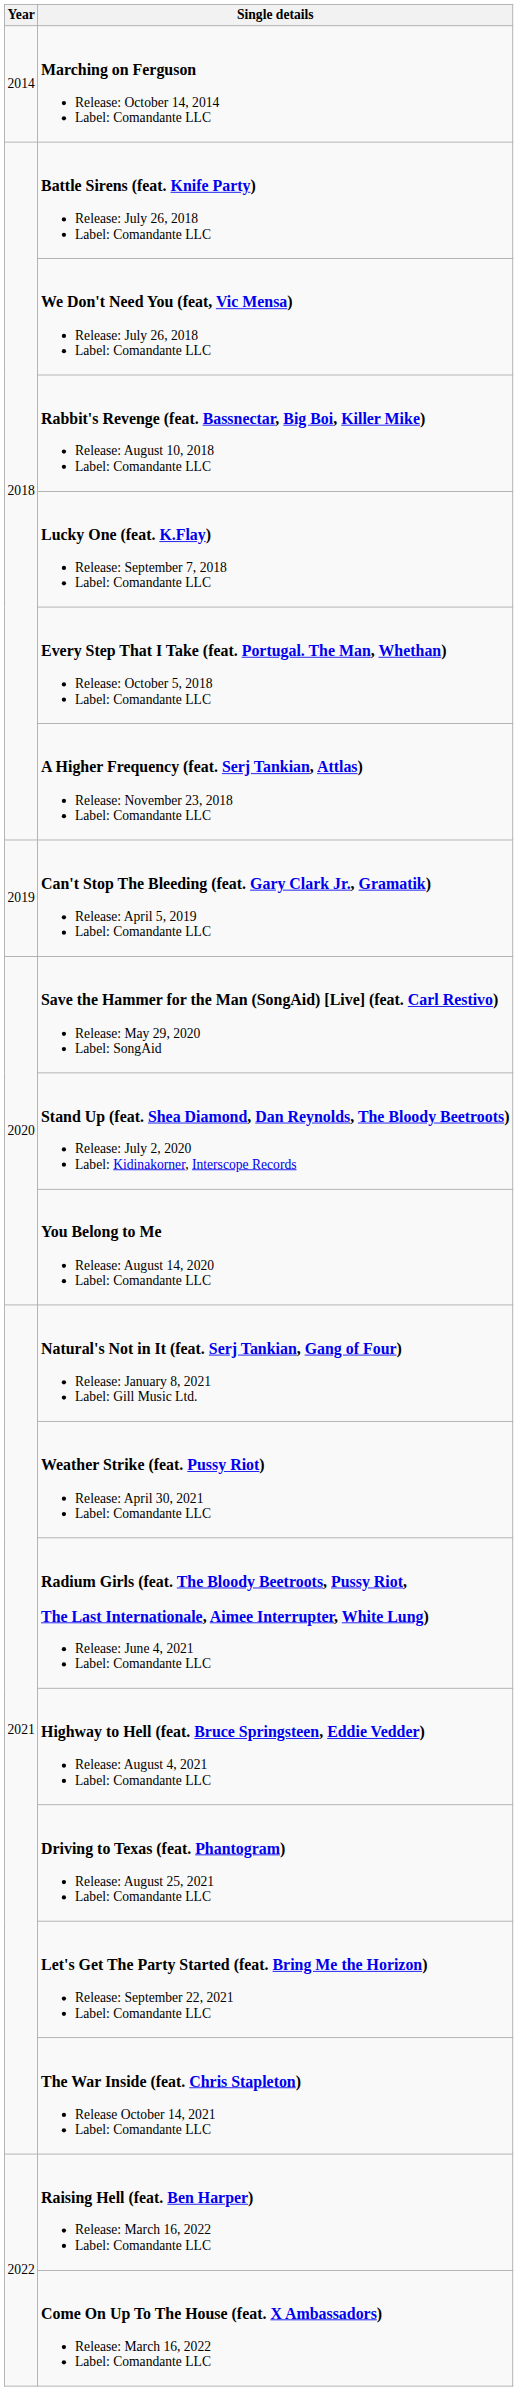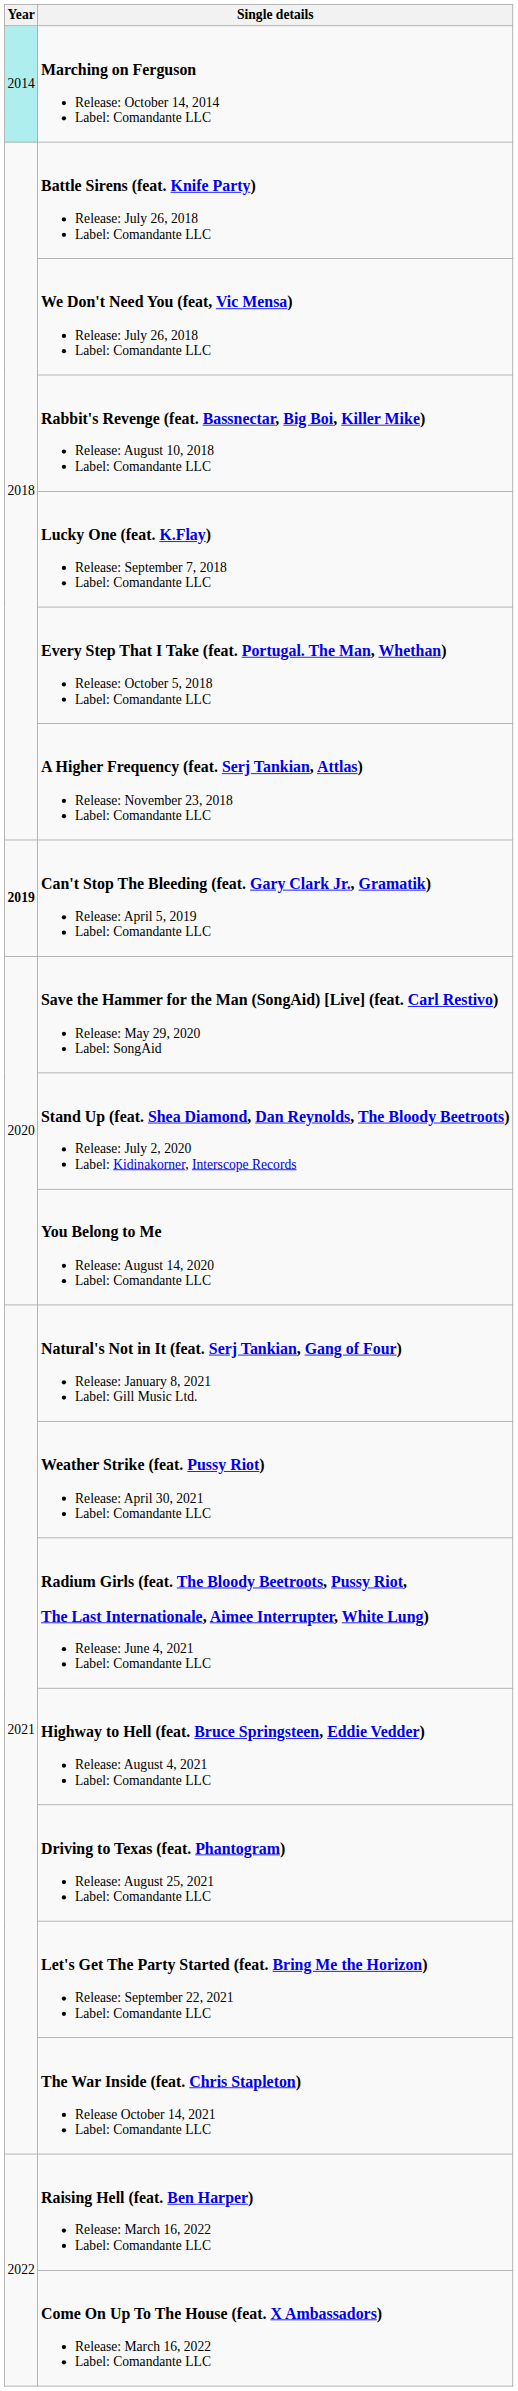 <table class="wikitable">
 <tr>
 <th>Year</th>
 <th>Single details</th>
 </tr>
 <tr>
-<td>2014</td>
+<td style="background: paleturquoise;">2014</td>
 <td><br><h3>Marching on Ferguson</h3><ul><li>Release: October 14, 2014</li><li>Label: Comandante LLC</li></ul></td>
 </tr>
 <tr>
 <td rowspan="6">2018</td>
 <td><br><h3>Battle Sirens (feat. <a href='#'>Knife Party</a>)</h3><ul><li>Release: July 26, 2018</li><li>Label: Comandante LLC</li></ul></td>
 </tr>
 <tr>
 <td><br><h3>We Don't Need You (feat, <a href='#'>Vic Mensa</a>)</h3><ul><li>Release: July 26, 2018</li><li>Label: Comandante LLC</li></ul></td>
 </tr>
 <tr>
 <td><br><h3>Rabbit's Revenge (feat. <a href='#'>Bassnectar</a>, <a href='#'>Big Boi</a>, <a href='#'>Killer Mike</a>)</h3><ul><li>Release: August 10, 2018</li><li>Label: Comandante LLC</li></ul></td>
 </tr>
 <tr>
 <td><br><h3>Lucky One (feat. <a href='#'>K.Flay</a>)</h3><ul><li>Release: September 7, 2018</li><li>Label: Comandante LLC</li></ul></td>
 </tr>
 <tr>
 <td><br><h3>Every Step That I Take (feat. <a href='#'>Portugal. The Man</a>, <a href='#'>Whethan</a>)</h3><ul><li>Release: October 5, 2018</li><li>Label: Comandante LLC</li></ul></td>
 </tr>
 <tr>
 <td><br><h3>A Higher Frequency (feat. <a href='#'>Serj Tankian</a>, <a href='#'>Attlas</a>)</h3><ul><li>Release: November 23, 2018</li><li>Label: Comandante LLC</li></ul></td>
 </tr>
 <tr>
-<td>2019</td>
+<td><strong>2019</strong></td>
 <td><br><h3>Can't Stop The Bleeding (feat. <a href='#'>Gary Clark Jr.</a>, <a href='#'>Gramatik</a>)</h3><ul><li>Release: April 5, 2019</li><li>Label: Comandante LLC</li></ul></td>
 </tr>
 <tr>
 <td rowspan="3">2020</td>
 <td><br><h3>Save the Hammer for the Man (SongAid) [Live] (feat. <a href='#'>Carl Restivo</a>)</h3><ul><li>Release: May 29, 2020</li><li>Label: SongAid</li></ul></td>
 </tr>
 <tr>
 <td><br><h3>Stand Up (feat. <a href='#'>Shea Diamond</a>, <a href='#'>Dan Reynolds</a>, <a href='#'>The Bloody Beetroots</a>)</h3><ul><li>Release: July 2, 2020</li><li>Label: <a href='#'>Kidinakorner</a>, <a href='#'>Interscope Records</a></li></ul></td>
 </tr>
 <tr>
 <td><br><h3>You Belong to Me</h3><ul><li>Release: August 14, 2020</li><li>Label: Comandante LLC</li></ul></td>
 </tr>
 <tr>
 <td rowspan="7">2021</td>
 <td><br><h3>Natural's Not in It (feat. <a href='#'>Serj Tankian</a>, <a href='#'>Gang of Four</a>)</h3><ul><li>Release: January 8, 2021</li><li>Label: Gill Music Ltd.</li></ul></td>
 </tr>
 <tr>
 <td><br><h3>Weather Strike (feat. <a href='#'>Pussy Riot</a>)</h3><ul><li>Release: April 30, 2021</li><li>Label: Comandante LLC</li></ul></td>
 </tr>
 <tr>
 <td><br><h3>Radium Girls (feat. <a href='#'>The Bloody Beetroots</a>, <a href='#'>Pussy Riot</a>,</h3><h3><a href='#'>The Last Internationale</a>, <a href='#'>Aimee Interrupter</a>, <a href='#'>White Lung</a>)</h3><ul><li>Release: June 4, 2021</li><li>Label: Comandante LLC</li></ul></td>
 </tr>
 <tr>
 <td><br><h3>Highway to Hell (feat. <a href='#'>Bruce Springsteen</a>, <a href='#'>Eddie Vedder</a>)</h3><ul><li>Release: August 4, 2021</li><li>Label: Comandante LLC</li></ul></td>
 </tr>
 <tr>
 <td><br><h3>Driving to Texas (feat. <a href='#'>Phantogram</a>)</h3><ul><li>Release: August 25, 2021</li><li>Label: Comandante LLC</li></ul></td>
 </tr>
 <tr>
 <td><br><h3>Let's Get The Party Started (feat. <a href='#'>Bring Me the Horizon</a>)</h3><ul><li>Release: September 22, 2021</li><li>Label: Comandante LLC</li></ul></td>
 </tr>
 <tr>
 <td><br><h3>The War Inside (feat. <a href='#'>Chris Stapleton</a>)</h3><ul><li>Release October 14, 2021</li><li>Label: Comandante LLC</li></ul></td>
 </tr>
 <tr>
 <td rowspan="2">2022</td>
 <td><br><h3>Raising Hell (feat. <a href='#'>Ben Harper</a>)</h3><ul><li>Release: March 16, 2022</li><li>Label: Comandante LLC</li></ul></td>
 </tr>
 <tr>
 <td><br><h3>Come On Up To The House (feat. <a href='#'>X Ambassadors</a>)</h3><ul><li>Release: March 16, 2022</li><li>Label: Comandante LLC</li></ul></td>
 </tr>
 </table>
